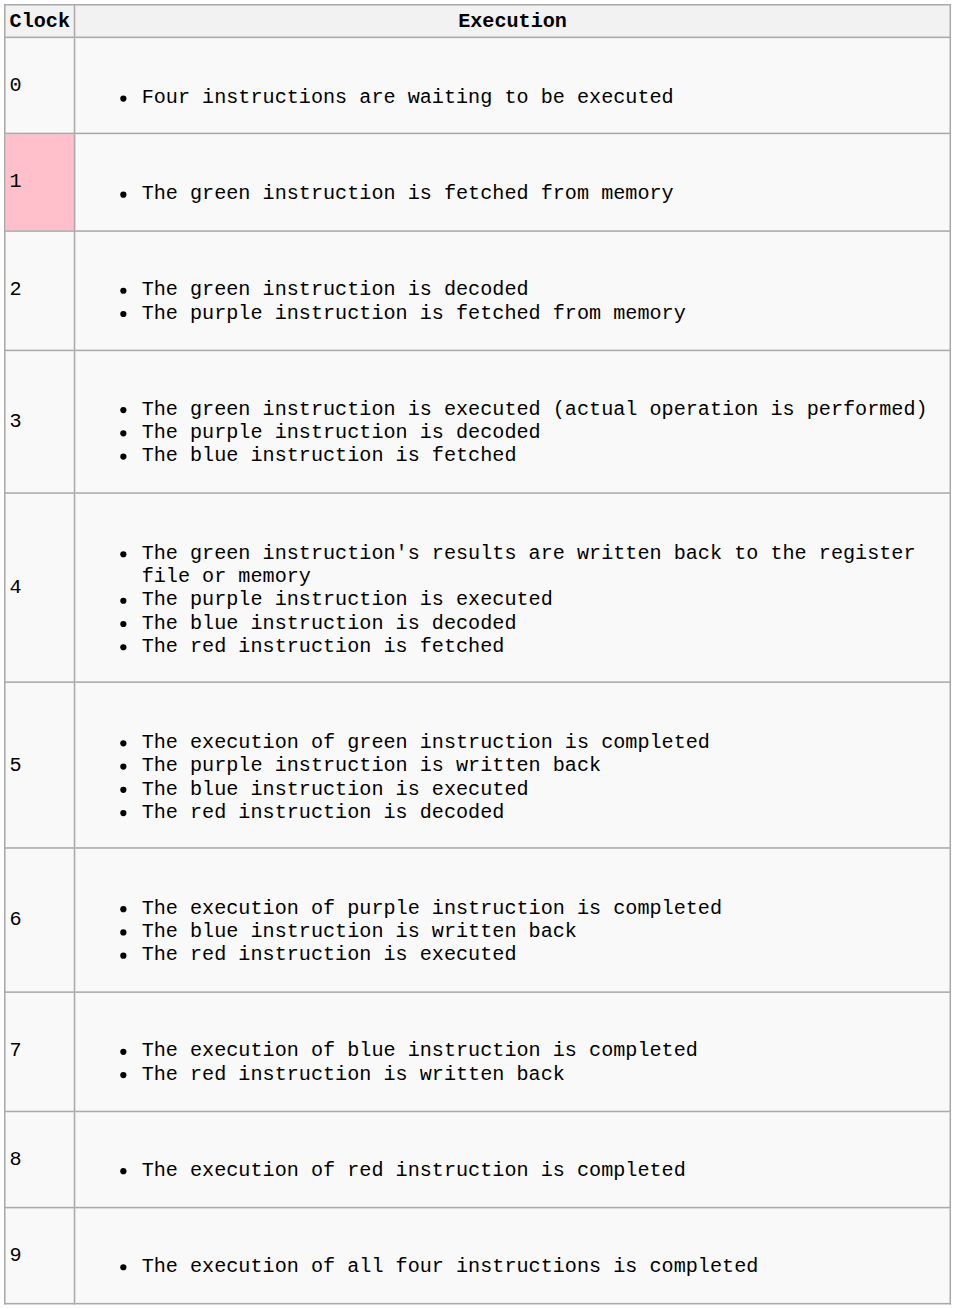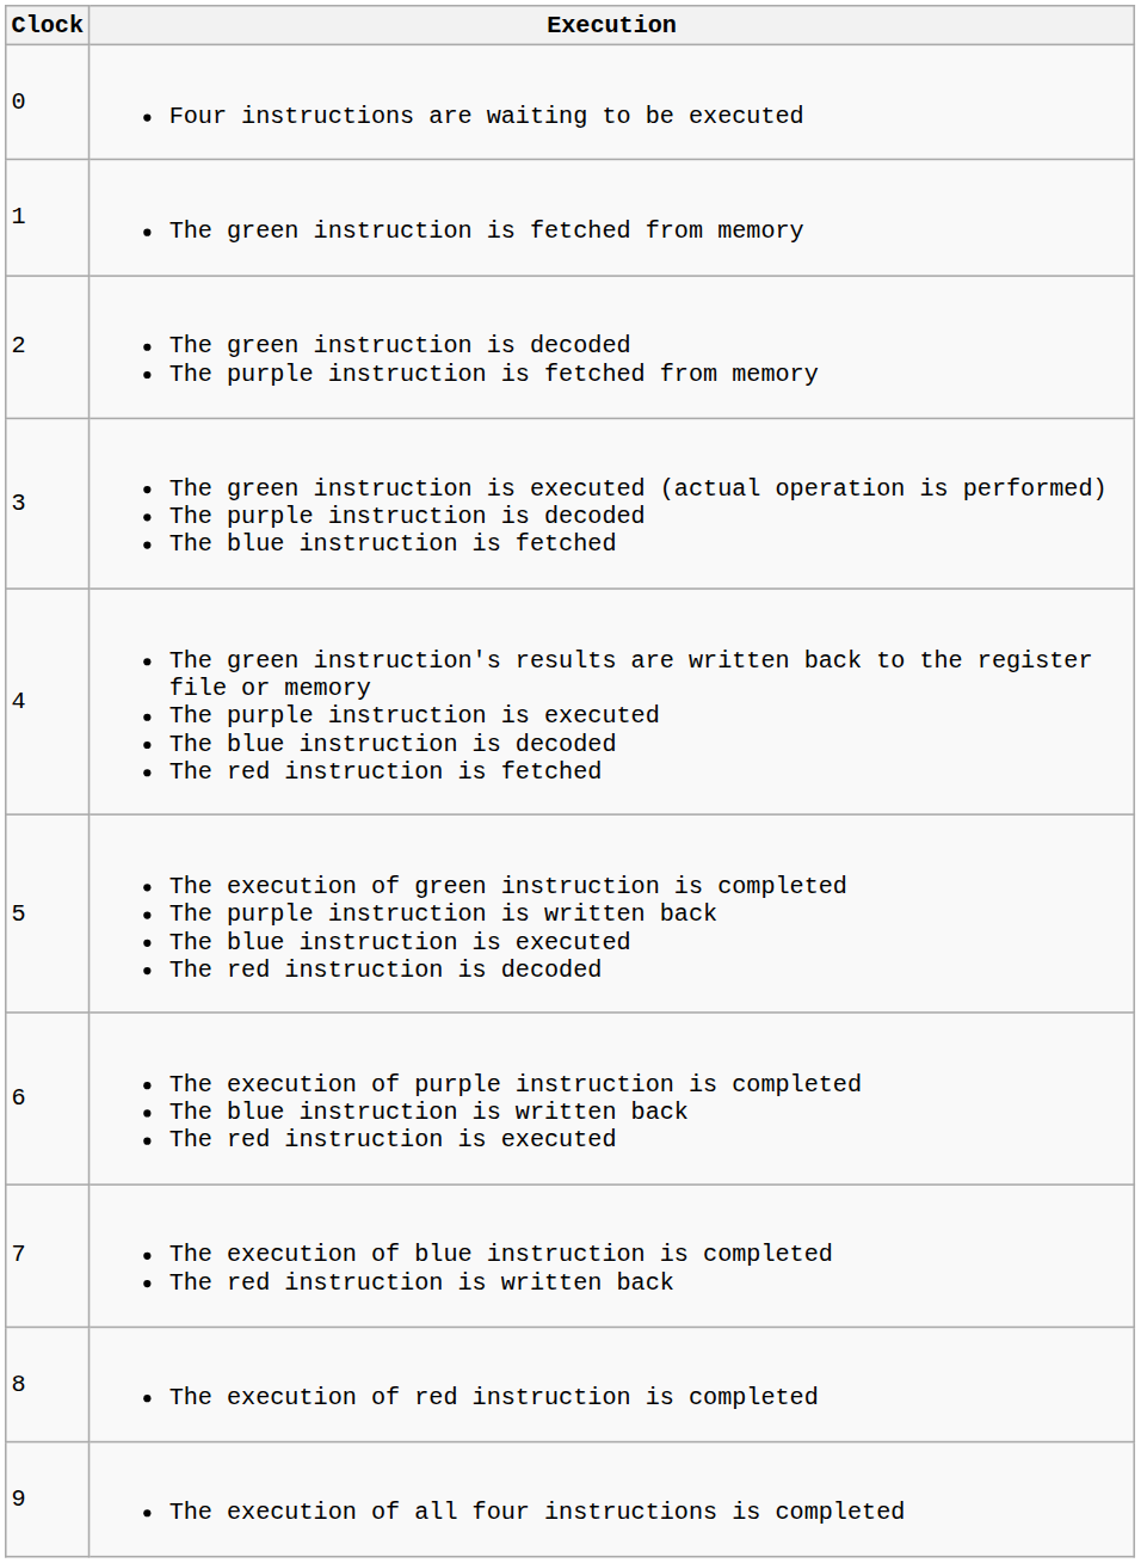 <table class="wikitable">
 <tr>
 <th>Clock</th>
 <th>Execution</th>
 </tr>
 <tr>
 <td>0</td>
 <td><br><ul><li>Four instructions are waiting to be executed</li></ul></td>
 </tr>
 <tr>
-<td style="background: pink;">1</td>
+<td>1</td>
 <td><br><ul><li>The green instruction is fetched from memory</li></ul></td>
 </tr>
 <tr>
 <td>2</td>
 <td><br><ul><li>The green instruction is decoded</li><li>The purple instruction is fetched from memory</li></ul></td>
 </tr>
 <tr>
 <td>3</td>
 <td><br><ul><li>The green instruction is executed (actual operation is performed)</li><li>The purple instruction is decoded</li><li>The blue instruction is fetched</li></ul></td>
 </tr>
 <tr>
 <td>4</td>
 <td><br><ul><li>The green instruction's results are written back to the register file or memory</li><li>The purple instruction is executed</li><li>The blue instruction is decoded</li><li>The red instruction is fetched</li></ul></td>
 </tr>
 <tr>
 <td>5</td>
 <td><br><ul><li>The execution of green instruction is completed</li><li>The purple instruction is written back</li><li>The blue instruction is executed</li><li>The red instruction is decoded</li></ul></td>
 </tr>
 <tr>
 <td>6</td>
 <td><br><ul><li>The execution of purple instruction is completed</li><li>The blue instruction is written back</li><li>The red instruction is executed</li></ul></td>
 </tr>
 <tr>
 <td>7</td>
 <td><br><ul><li>The execution of blue instruction is completed</li><li>The red instruction is written back</li></ul></td>
 </tr>
 <tr>
 <td>8</td>
 <td><br><ul><li>The execution of red instruction is completed</li></ul></td>
 </tr>
 <tr>
 <td>9</td>
 <td><br><ul><li>The execution of all four instructions is completed</li></ul></td>
 </tr>
 </table>
